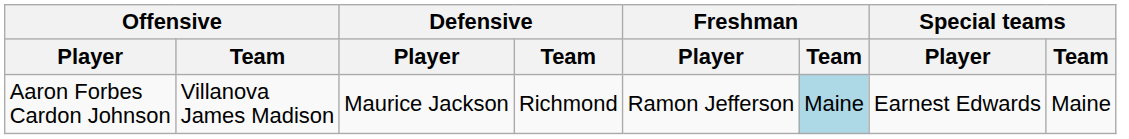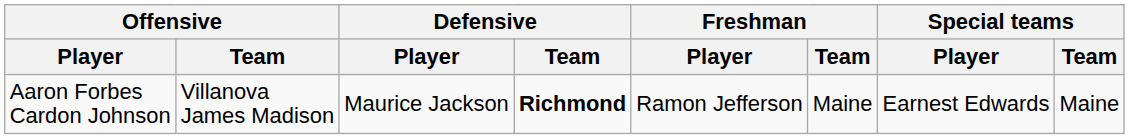 <table class="wikitable" border="1">
 <tr>
 <th colspan="2">Offensive</th>
 <th colspan="2">Defensive</th>
 <th colspan="2">Freshman</th>
 <th colspan="2">Special teams</th>
 </tr>
 <tr>
 <th>Player</th>
 <th>Team</th>
 <th>Player</th>
 <th>Team</th>
 <th>Player</th>
 <th>Team</th>
 <th>Player</th>
 <th>Team</th>
 </tr>
 <tr>
 <td>Aaron Forbes<br>Cardon Johnson</td>
 <td>Villanova<br>James Madison</td>
 <td>Maurice Jackson</td>
-<td>Richmond</td>
+<td><strong>Richmond</strong></td>
 <td>Ramon Jefferson</td>
-<td style="background: lightblue;">Maine</td>
+<td>Maine</td>
 <td>Earnest Edwards</td>
 <td>Maine</td>
 </tr>
 </table>
